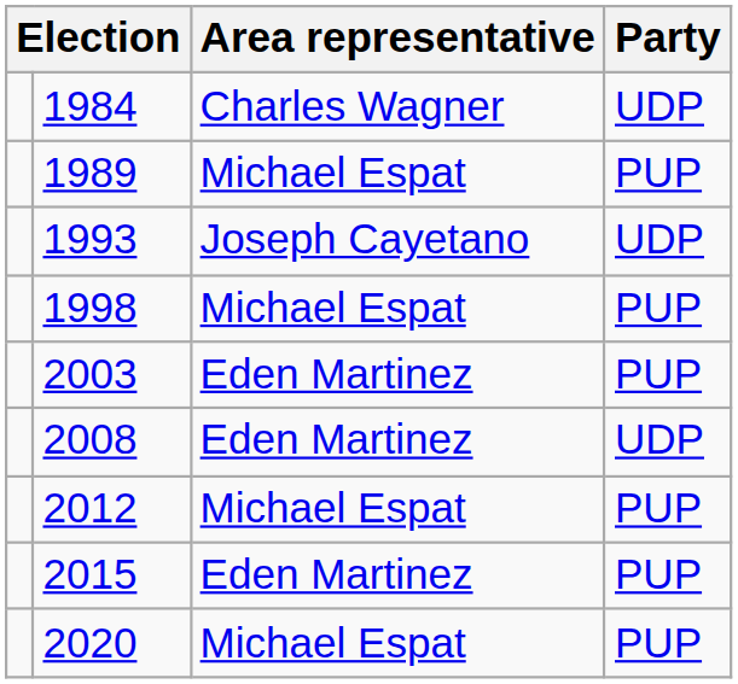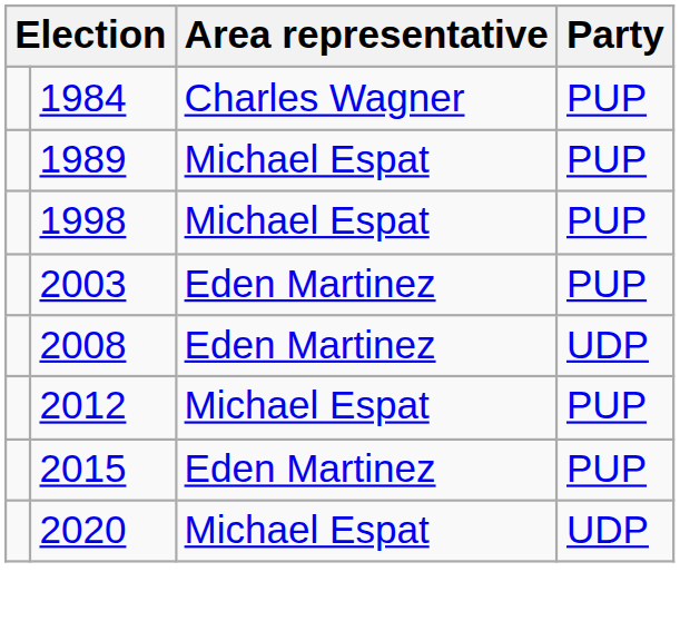 <table class="wikitable">
 <tr>
 <th colspan="2">Election</th>
 <th>Area representative</th>
 <th>Party</th>
 </tr>
 <tr>
 <td style="background-color: "></td>
 <td><a href='#'>1984</a></td>
 <td><a href='#'>Charles Wagner</a></td>
-<td><a href='#'>UDP</a></td>
+<td><a href='#'>PUP</a></td>
 </tr>
 <tr>
 <td style="background-color: "></td>
 <td><a href='#'>1989</a></td>
 <td><a href='#'>Michael Espat</a></td>
 <td><a href='#'>PUP</a></td>
-</tr>
-<tr>
-<td style="background-color: "></td>
-<td><a href='#'>1993</a></td>
-<td><a href='#'>Joseph Cayetano</a></td>
-<td><a href='#'>UDP</a></td>
 </tr>
 <tr>
 <td style="background-color: "></td>
 <td><a href='#'>1998</a></td>
 <td><a href='#'>Michael Espat</a></td>
 <td><a href='#'>PUP</a></td>
 </tr>
 <tr>
 <td style="background-color: "></td>
 <td><a href='#'>2003</a></td>
 <td><a href='#'>Eden Martinez</a></td>
 <td><a href='#'>PUP</a></td>
 </tr>
 <tr>
 <td style="background-color: "></td>
 <td><a href='#'>2008</a></td>
 <td><a href='#'>Eden Martinez</a></td>
 <td><a href='#'>UDP</a></td>
 </tr>
 <tr>
 <td style="background-color: "></td>
 <td><a href='#'>2012</a></td>
 <td><a href='#'>Michael Espat</a></td>
 <td><a href='#'>PUP</a></td>
 </tr>
 <tr>
 <td style="background-color: "></td>
 <td><a href='#'>2015</a></td>
 <td><a href='#'>Eden Martinez</a></td>
 <td><a href='#'>PUP</a></td>
 </tr>
 <tr>
 <td style="background-color: "></td>
 <td><a href='#'>2020</a></td>
 <td><a href='#'>Michael Espat</a></td>
-<td><a href='#'>PUP</a></td>
+<td><a href='#'>UDP</a></td>
 </tr>
 </table>
